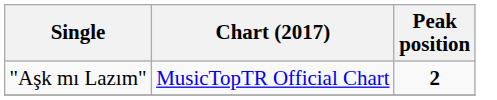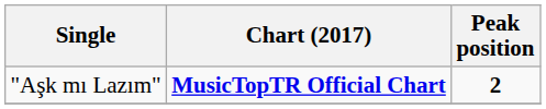 <table class="wikitable sortable">
 <tr>
 <th align="left">Single</th>
 <th align="left">Chart (2017)</th>
 <th align="center">Peak<br>position</th>
 </tr>
 <tr>
 <td align="left">"Aşk mı Lazım"</td>
-<td align="left"><a href='#'>MusicTopTR Official Chart</a></td>
+<td align="left"><strong><a href='#'>MusicTopTR Official Chart</a></strong></td>
 <td align="center"><strong>2</strong></td>
 </tr>
 <tr>
 </tr>
 </table>
